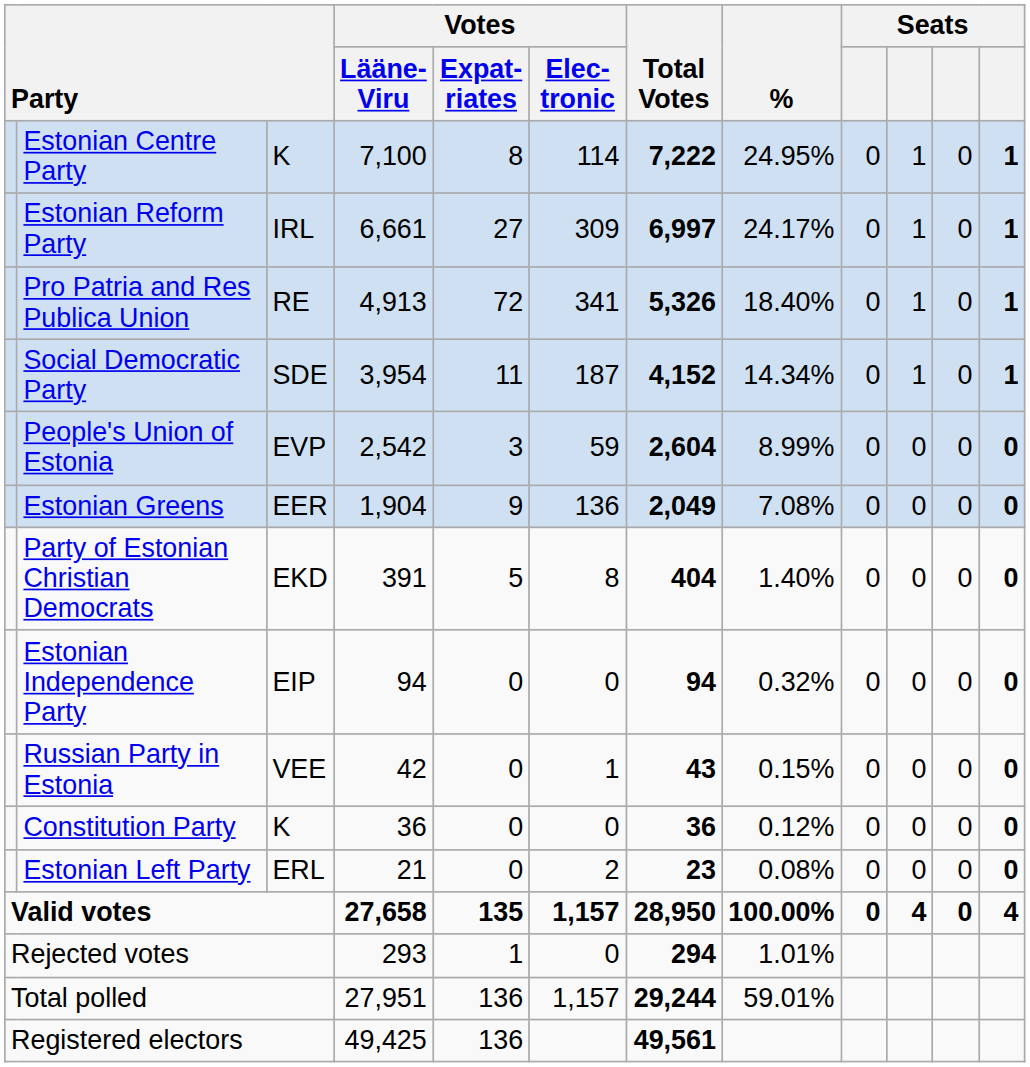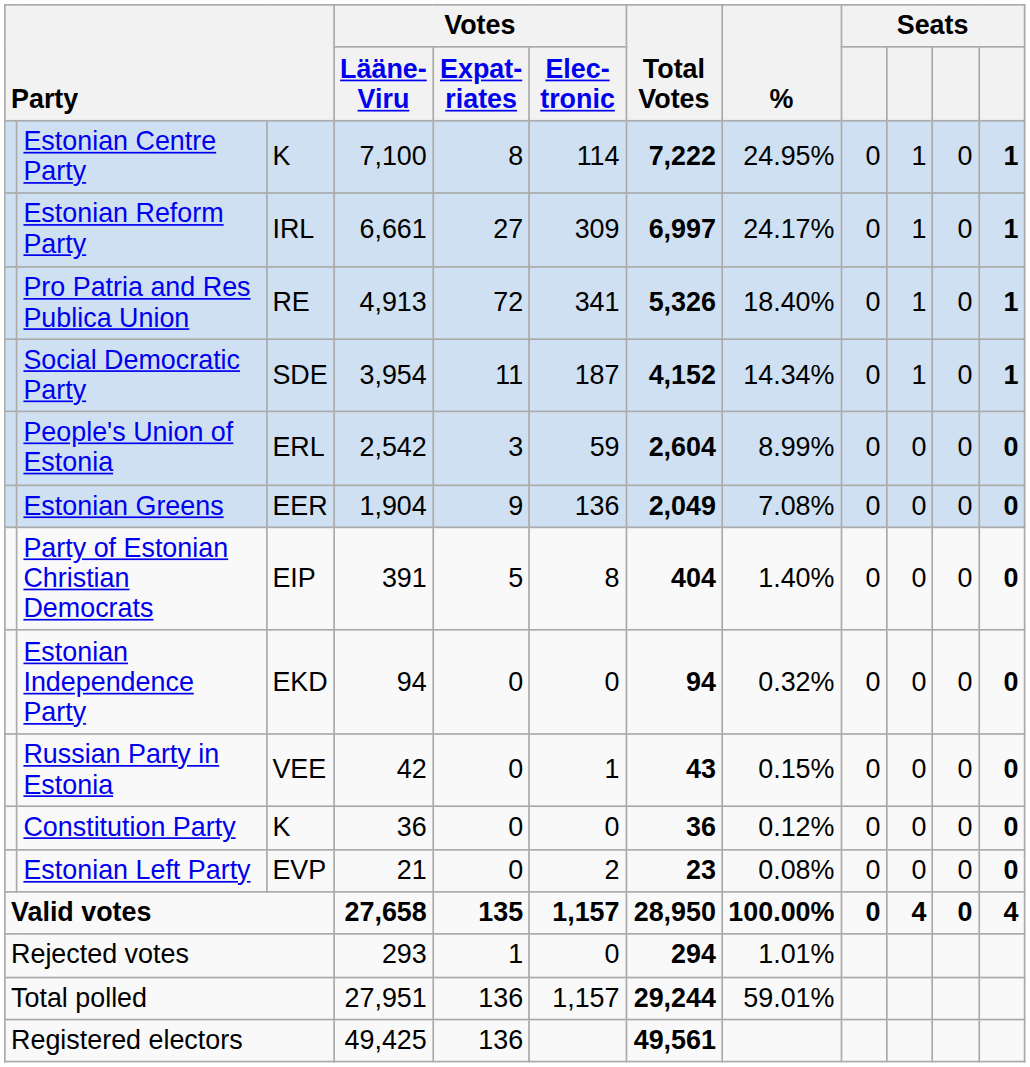 <table class="wikitable" border="1" style="text-align:right;">
 <tr>
 <th style="text-align:left;" valign=bottom rowspan=2 colspan=3>Party</th>
 <th colspan=3>Votes</th>
 <th align=center valign=bottom rowspan=2 width="50">Total Votes</th>
 <th align=center valign=bottom rowspan=2 width="50">%</th>
 <th colspan=4>Seats</th>
 </tr>
 <tr>
 <th align=center valign=bottom width="50"><a href='#'>Lääne- Viru</a></th>
 <th align=center valign=bottom width="50"><a href='#'>Expat- riates</a></th>
 <th align=center valign=bottom width="50"><a href='#'>Elec- tronic</a></th>
 <th align=center valign=bottom width="20"><small></small></th>
 <th align=center valign=bottom width="20"><small></small></th>
 <th align=center valign=bottom width="20"><small></small></th>
 <th align=center valign=bottom width="20"><small></small></th>
 </tr>
 <tr style="background:#CEE0F2;">
 <td style="background:"></td>
 <td align=left><a href='#'>Estonian Centre Party</a></td>
 <td align=left>K</td>
 <td>7,100</td>
 <td>8</td>
 <td>114</td>
 <td><strong>7,222</strong></td>
 <td>24.95%</td>
 <td>0</td>
 <td>1</td>
 <td>0</td>
 <td><strong>1</strong></td>
 </tr>
 <tr style="background:#CEE0F2;">
 <td style="background:"></td>
 <td align=left><a href='#'>Estonian Reform Party</a></td>
 <td align=left>IRL</td>
 <td>6,661</td>
 <td>27</td>
 <td>309</td>
 <td><strong>6,997</strong></td>
 <td>24.17%</td>
 <td>0</td>
 <td>1</td>
 <td>0</td>
 <td><strong>1</strong></td>
 </tr>
 <tr style="background:#CEE0F2;">
 <td style="background:"></td>
 <td align=left><a href='#'>Pro Patria and Res Publica Union</a></td>
 <td align=left>RE</td>
 <td>4,913</td>
 <td>72</td>
 <td>341</td>
 <td><strong>5,326</strong></td>
 <td>18.40%</td>
 <td>0</td>
 <td>1</td>
 <td>0</td>
 <td><strong>1</strong></td>
 </tr>
 <tr style="background:#CEE0F2;">
 <td style="background:"></td>
 <td align=left><a href='#'>Social Democratic Party</a></td>
 <td align=left>SDE</td>
 <td>3,954</td>
 <td>11</td>
 <td>187</td>
 <td><strong>4,152</strong></td>
 <td>14.34%</td>
 <td>0</td>
 <td>1</td>
 <td>0</td>
 <td><strong>1</strong></td>
 </tr>
 <tr style="background:#CEE0F2;">
 <td style="background:"></td>
 <td align=left><a href='#'>People's Union of Estonia</a></td>
-<td align=left>EVP</td>
+<td align=left>ERL</td>
 <td>2,542</td>
 <td>3</td>
 <td>59</td>
 <td><strong>2,604</strong></td>
 <td>8.99%</td>
 <td>0</td>
 <td>0</td>
 <td>0</td>
 <td><strong>0</strong></td>
 </tr>
 <tr style="background:#CEE0F2;">
 <td style="background:"></td>
 <td align=left><a href='#'>Estonian Greens</a></td>
 <td align=left>EER</td>
 <td>1,904</td>
 <td>9</td>
 <td>136</td>
 <td><strong>2,049</strong></td>
 <td>7.08%</td>
 <td>0</td>
 <td>0</td>
 <td>0</td>
 <td><strong>0</strong></td>
 </tr>
 <tr>
 <td style="background:"></td>
 <td align=left><a href='#'>Party of Estonian Christian Democrats</a></td>
-<td align=left>EKD</td>
+<td align=left>EIP</td>
 <td>391</td>
 <td>5</td>
 <td>8</td>
 <td><strong>404</strong></td>
 <td>1.40%</td>
 <td>0</td>
 <td>0</td>
 <td>0</td>
 <td><strong>0</strong></td>
 </tr>
 <tr>
 <td style="background:"></td>
 <td align=left><a href='#'>Estonian Independence Party</a></td>
-<td align=left>EIP</td>
+<td align=left>EKD</td>
 <td>94</td>
 <td>0</td>
 <td>0</td>
 <td><strong>94</strong></td>
 <td>0.32%</td>
 <td>0</td>
 <td>0</td>
 <td>0</td>
 <td><strong>0</strong></td>
 </tr>
 <tr>
 <td></td>
 <td align=left><a href='#'>Russian Party in Estonia</a></td>
 <td align=left>VEE</td>
 <td>42</td>
 <td>0</td>
 <td>1</td>
 <td><strong>43</strong></td>
 <td>0.15%</td>
 <td>0</td>
 <td>0</td>
 <td>0</td>
 <td><strong>0</strong></td>
 </tr>
 <tr>
 <td style="background:"></td>
 <td align=left><a href='#'>Constitution Party</a></td>
 <td align=left>K</td>
 <td>36</td>
 <td>0</td>
 <td>0</td>
 <td><strong>36</strong></td>
 <td>0.12%</td>
 <td>0</td>
 <td>0</td>
 <td>0</td>
 <td><strong>0</strong></td>
 </tr>
 <tr>
 <td style="background:"></td>
 <td align=left><a href='#'>Estonian Left Party</a></td>
-<td align=left>ERL</td>
+<td align=left>EVP</td>
 <td>21</td>
 <td>0</td>
 <td>2</td>
 <td><strong>23</strong></td>
 <td>0.08%</td>
 <td>0</td>
 <td>0</td>
 <td>0</td>
 <td><strong>0</strong></td>
 </tr>
 <tr style="font-weight:bold">
 <td align=left colspan=3>Valid votes</td>
 <td>27,658</td>
 <td>135</td>
 <td>1,157</td>
 <td>28,950</td>
 <td>100.00%</td>
 <td>0</td>
 <td>4</td>
 <td>0</td>
 <td>4</td>
 </tr>
 <tr>
 <td align=left colspan=3>Rejected votes</td>
 <td>293</td>
 <td>1</td>
 <td>0</td>
 <td><strong>294</strong></td>
 <td>1.01%</td>
 <td></td>
 <td></td>
 <td></td>
 <td></td>
 </tr>
 <tr>
 <td align=left colspan=3>Total polled</td>
 <td>27,951</td>
 <td>136</td>
 <td>1,157</td>
 <td><strong>29,244</strong></td>
 <td>59.01%</td>
 <td></td>
 <td></td>
 <td></td>
 <td></td>
 </tr>
 <tr>
 <td align=left colspan=3>Registered electors</td>
 <td>49,425</td>
 <td>136</td>
 <td></td>
 <td><strong>49,561</strong></td>
 <td></td>
 <td></td>
 <td></td>
 <td></td>
 <td></td>
 </tr>
 </table>
